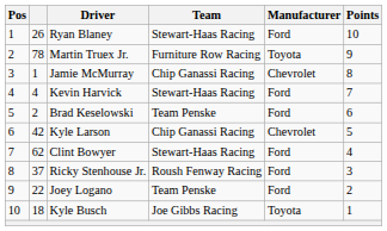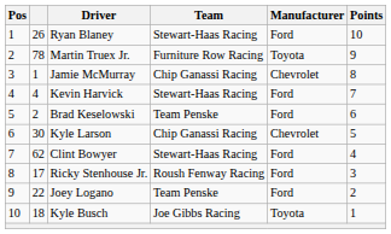 <table class="wikitable" style="font-size:98%">
 <tr>
 <th>Pos</th>
 <th></th>
 <th>Driver</th>
 <th>Team</th>
 <th>Manufacturer</th>
 <th>Points</th>
 </tr>
 <tr>
 <td>1</td>
 <td>26</td>
 <td>Ryan Blaney</td>
 <td>Stewart-Haas Racing</td>
 <td>Ford</td>
 <td>10</td>
 </tr>
 <tr>
 <td>2</td>
 <td>78</td>
 <td>Martin Truex Jr.</td>
 <td>Furniture Row Racing</td>
 <td>Toyota</td>
 <td>9</td>
 </tr>
 <tr>
 <td>3</td>
 <td>1</td>
 <td>Jamie McMurray</td>
 <td>Chip Ganassi Racing</td>
 <td>Chevrolet</td>
 <td>8</td>
 </tr>
 <tr>
 <td>4</td>
 <td>4</td>
 <td>Kevin Harvick</td>
 <td>Stewart-Haas Racing</td>
 <td>Ford</td>
 <td>7</td>
 </tr>
 <tr>
 <td>5</td>
 <td>2</td>
 <td>Brad Keselowski</td>
 <td>Team Penske</td>
 <td>Ford</td>
 <td>6</td>
 </tr>
 <tr>
 <td>6</td>
-<td>42</td>
+<td>30</td>
 <td>Kyle Larson</td>
 <td>Chip Ganassi Racing</td>
 <td>Chevrolet</td>
 <td>5</td>
 </tr>
 <tr>
 <td>7</td>
 <td>62</td>
 <td>Clint Bowyer</td>
 <td>Stewart-Haas Racing</td>
 <td>Ford</td>
 <td>4</td>
 </tr>
 <tr>
 <td>8</td>
-<td>37</td>
+<td>17</td>
 <td>Ricky Stenhouse Jr.</td>
 <td>Roush Fenway Racing</td>
 <td>Ford</td>
 <td>3</td>
 </tr>
 <tr>
 <td>9</td>
 <td>22</td>
 <td>Joey Logano</td>
 <td>Team Penske</td>
 <td>Ford</td>
 <td>2</td>
 </tr>
 <tr>
 <td>10</td>
 <td>18</td>
 <td>Kyle Busch</td>
 <td>Joe Gibbs Racing</td>
 <td>Toyota</td>
 <td>1</td>
 </tr>
 <tr>
 <th colspan="6"></th>
 </tr>
 </table>
